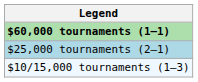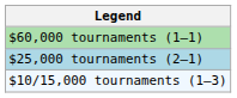 <table class=wikitable style="font-size:85%;">
 <tr>
 <th>Legend</th>
 </tr>
 <tr style="background:#addfad;">
-<td><strong>$60,000 tournaments (1–1)</strong></td>
+<td>$60,000 tournaments (1–1)</td>
 </tr>
 <tr style="background:lightblue;">
 <td>$25,000 tournaments (2–1)</td>
 </tr>
 <tr style="background:#f0f8ff;">
 <td>$10/15,000 tournaments (1–3)</td>
 </tr>
 </table>
